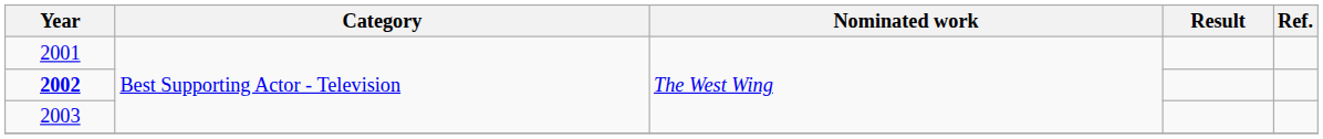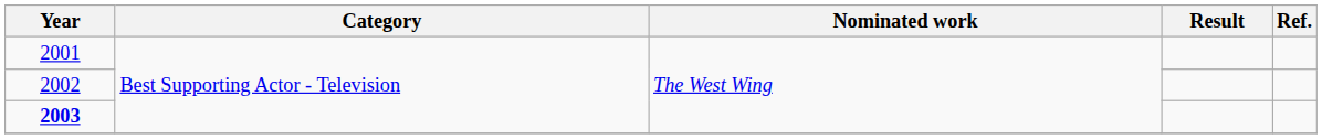 <table class=wikitable>
 <tr>
 <th scope="col" style="width:5em;">Year</th>
 <th scope="col" style="width:26em;">Category</th>
 <th scope="col" style="width:25em;">Nominated work</th>
 <th scope="col" style="width:5em;">Result</th>
 <th>Ref.</th>
 </tr>
 <tr>
 <td style="text-align:center;"><a href='#'>2001</a></td>
 <td rowspan=3><a href='#'>Best Supporting Actor - Television</a></td>
 <td rowspan=3><em><a href='#'>The West Wing</a></em></td>
 <td></td>
 <td></td>
 </tr>
 <tr>
-<td style="text-align:center;"><strong><a href='#'>2002</a></strong></td>
+<td style="text-align:center;"><a href='#'>2002</a></td>
 <td></td>
 <td></td>
 </tr>
 <tr>
-<td style="text-align:center;"><a href='#'>2003</a></td>
+<td style="text-align:center;"><strong><a href='#'>2003</a></strong></td>
 <td></td>
 <td></td>
 </tr>
 <tr>
 </tr>
 </table>
